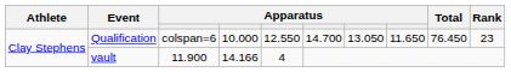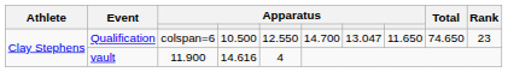 <table class="wikitable" style="font-size:90%">
 <tr>
 <th rowspan=2>Athlete</th>
 <th rowspan=2>Event</th>
 <th colspan =6>Apparatus</th>
 <th rowspan=2>Total</th>
 <th rowspan=2>Rank</th>
 </tr>
 <tr style="font-size:95%">
 <th></th>
 <th></th>
 <th></th>
 <th></th>
 <th></th>
 <th></th>
 </tr>
 <tr align=center>
 <td align=left rowspan=2><a href='#'>Clay Stephens</a></td>
 <td align=left><a href='#'>Qualification</a></td>
 <td>colspan=6 </td>
-<td>10.000</td>
+<td>10.500</td>
 <td>12.550</td>
 <td>14.700</td>
-<td>13.050</td>
+<td>13.047</td>
 <td>11.650</td>
-<td>76.450</td>
+<td>74.650</td>
 <td>23</td>
 </tr>
 <tr align=center>
 <td align=left><a href='#'>vault</a></td>
 <td>11.900</td>
-<td>14.166</td>
+<td>14.616</td>
 <td>4</td>
 </tr>
 </table>
